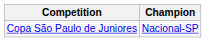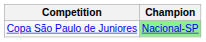 <table class="wikitable">
 <tr>
 <th>Competition</th>
 <th>Champion</th>
 </tr>
 <tr>
 <td><a href='#'>Copa São Paulo de Juniores</a></td>
-<td><a href='#'>Nacional-SP</a></td>
+<td style="background: lightgreen;"><a href='#'>Nacional-SP</a></td>
 </tr>
 </table>
